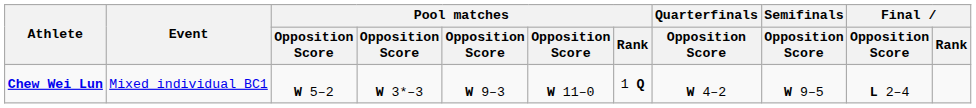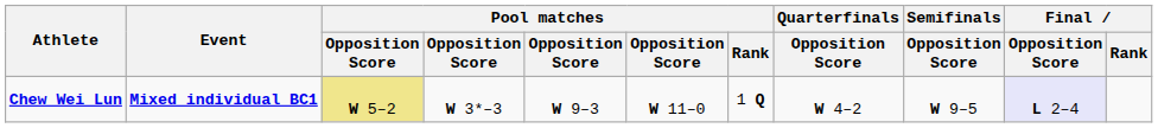 <table class=wikitable style="font-size:90%">
 <tr>
 <th rowspan="2">Athlete</th>
 <th rowspan="2">Event</th>
 <th colspan="5">Pool matches</th>
 <th>Quarterfinals</th>
 <th>Semifinals</th>
 <th colspan=2>Final / </th>
 </tr>
 <tr>
 <th>Opposition<br>Score</th>
 <th>Opposition<br>Score</th>
 <th>Opposition<br>Score</th>
 <th>Opposition<br>Score</th>
 <th>Rank</th>
 <th>Opposition<br>Score</th>
 <th>Opposition<br>Score</th>
 <th>Opposition<br>Score</th>
 <th>Rank</th>
 </tr>
 <tr align=center>
 <td align=left><strong><a href='#'>Chew Wei Lun</a></strong></td>
-<td align=left><a href='#'>Mixed individual BC1</a></td>
-<td><br><strong>W</strong> 5–2</td>
+<td align=left><strong><a href='#'>Mixed individual BC1</a></strong></td>
+<td style="background: khaki;"><br><strong>W</strong> 5–2</td>
 <td><br><strong>W</strong> 3*–3</td>
 <td><br><strong>W</strong> 9–3</td>
 <td><br><strong>W</strong> 11–0</td>
 <td>1 <strong>Q</strong></td>
 <td><br><strong>W</strong> 4–2</td>
 <td><br><strong>W</strong> 9–5</td>
-<td><br><strong>L</strong> 2–4</td>
+<td style="background: lavender;"><br><strong>L</strong> 2–4</td>
 <td></td>
 </tr>
 </table>
